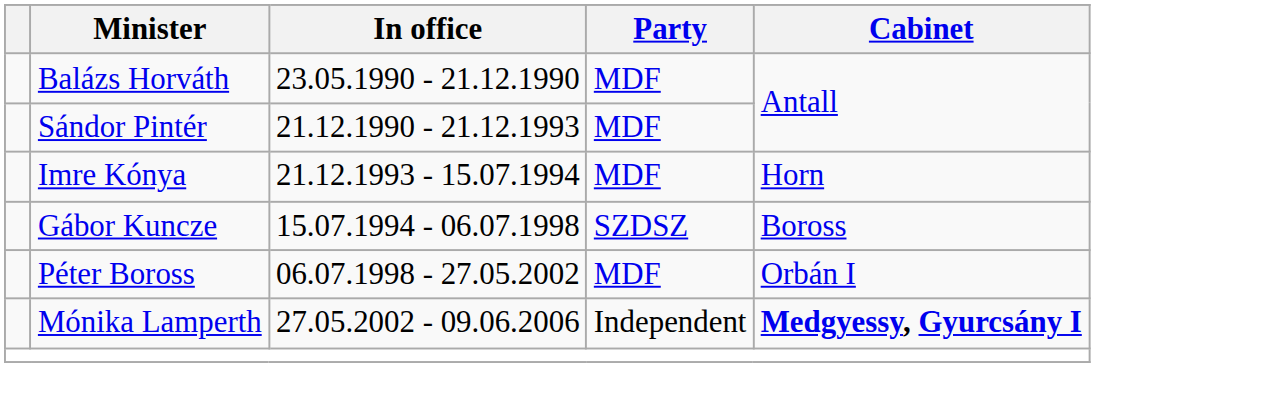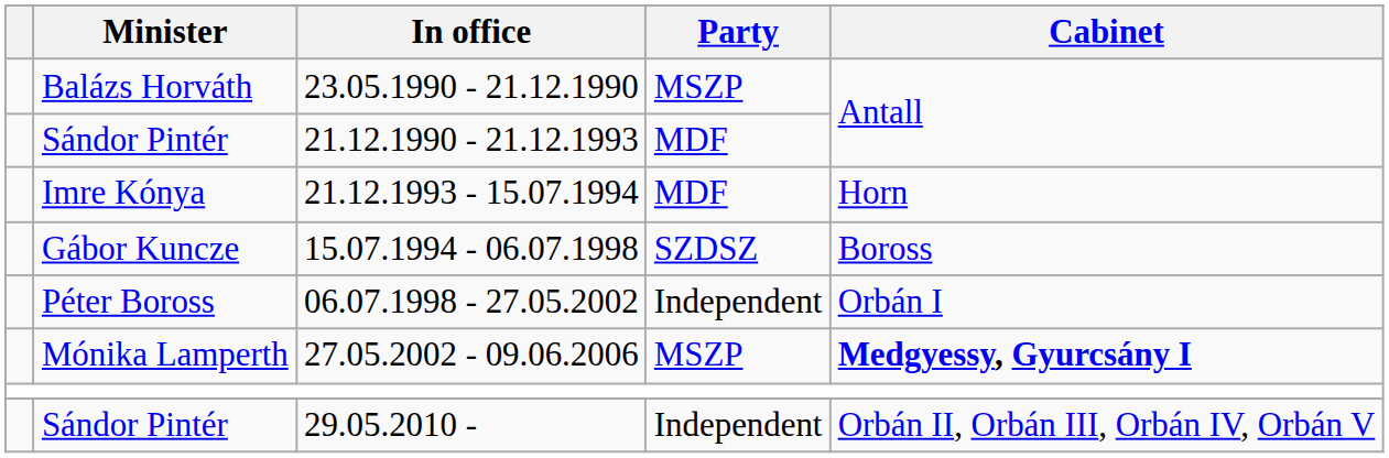 <table class="wikitable">
 <tr>
 <th class="unsortable" width=6px></th>
 <th>Minister</th>
 <th>In office</th>
 <th><a href='#'>Party</a></th>
 <th><a href='#'>Cabinet</a></th>
 </tr>
 <tr>
 <td ! style="background:"></td>
 <td><a href='#'>Balázs Horváth</a></td>
 <td>23.05.1990 - 21.12.1990</td>
-<td><a href='#'>MDF</a></td>
+<td><a href='#'>MSZP</a></td>
 <td rowspan="2"><a href='#'>Antall</a></td>
 </tr>
 <tr>
 <td ! style="background:"></td>
 <td><a href='#'>Sándor Pintér</a></td>
 <td>21.12.1990 - 21.12.1993</td>
 <td><a href='#'>MDF</a></td>
 </tr>
 <tr>
 <td ! style="background:"></td>
 <td><a href='#'>Imre Kónya</a></td>
 <td>21.12.1993 - 15.07.1994</td>
 <td><a href='#'>MDF</a></td>
 <td><a href='#'>Horn</a></td>
 </tr>
 <tr>
 <td ! style="background:"></td>
 <td><a href='#'>Gábor Kuncze</a></td>
 <td>15.07.1994 - 06.07.1998</td>
 <td><a href='#'>SZDSZ</a></td>
 <td><a href='#'>Boross</a></td>
 </tr>
 <tr>
 <td ! style="background:"></td>
 <td><a href='#'>Péter Boross</a></td>
 <td>06.07.1998 - 27.05.2002</td>
-<td><a href='#'>MDF</a></td>
+<td>Independent</td>
 <td><a href='#'>Orbán I</a></td>
 </tr>
 <tr>
 <td ! style="background:"></td>
 <td><a href='#'>Mónika Lamperth</a></td>
 <td>27.05.2002 - 09.06.2006</td>
-<td>Independent</td>
+<td><a href='#'>MSZP</a></td>
 <td><strong><a href='#'>Medgyessy</a>, <a href='#'>Gyurcsány I</a></strong></td>
 </tr>
 <tr>
 <td colspan=5 style="text-align: center;" bgcolor=white></td>
 </tr>
+<tr>
+<td ! style="background:"></td>
+<td><a href='#'>Sándor Pintér</a></td>
+<td>29.05.2010 -</td>
+<td>Independent</td>
+<td><a href='#'>Orbán II</a>, <a href='#'>Orbán III</a>, <a href='#'>Orbán IV</a>, <a href='#'>Orbán V</a></td>
+</tr>
 </table>
